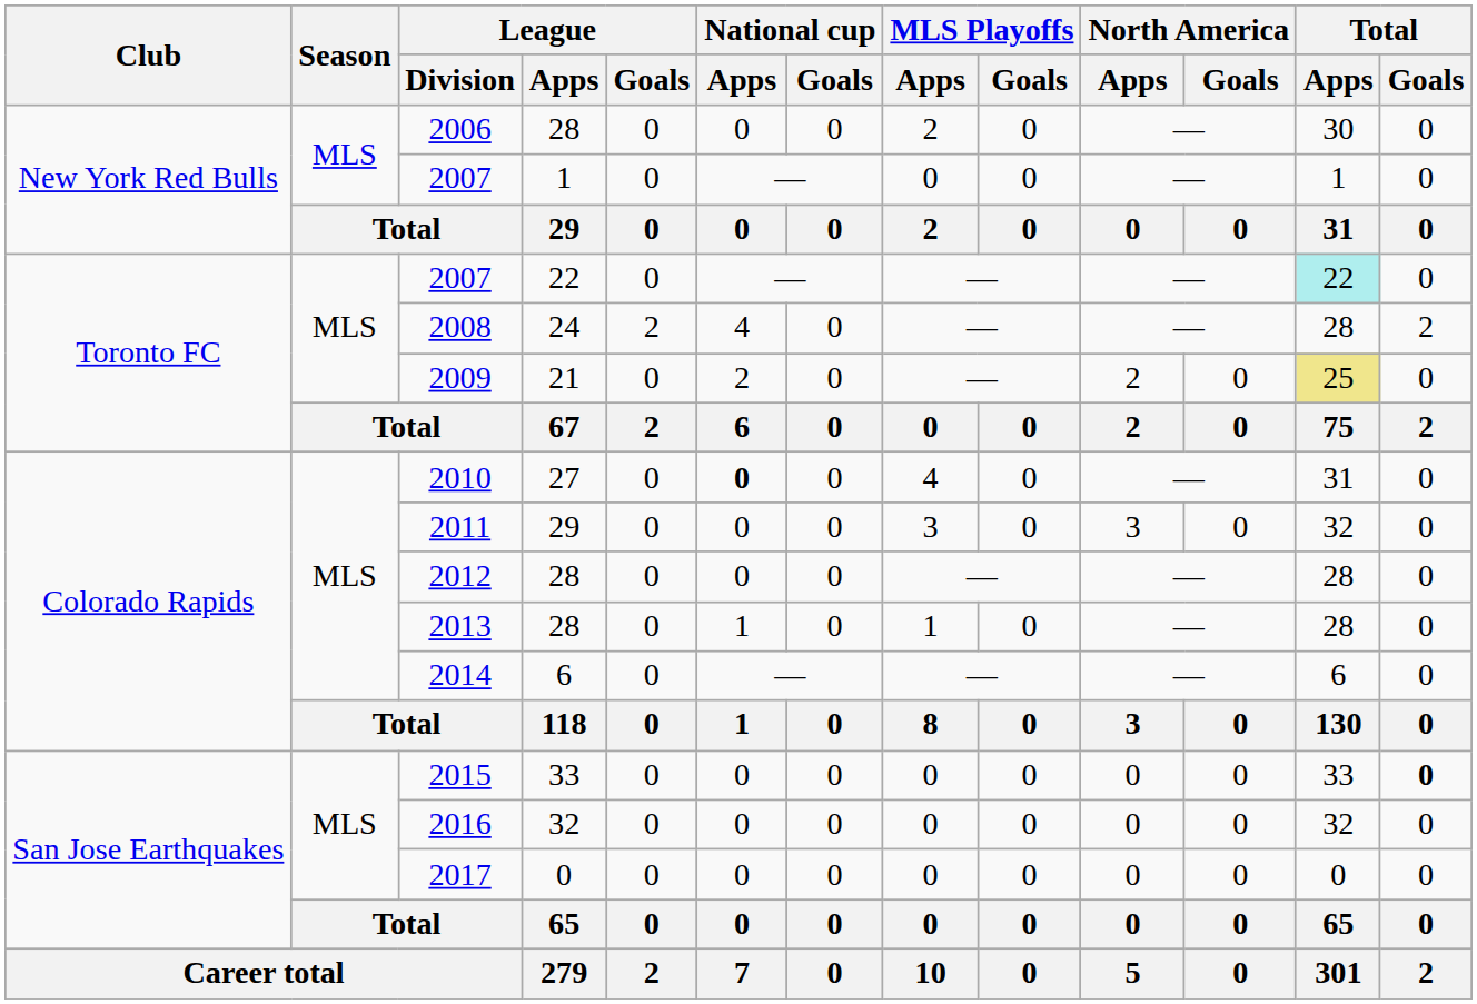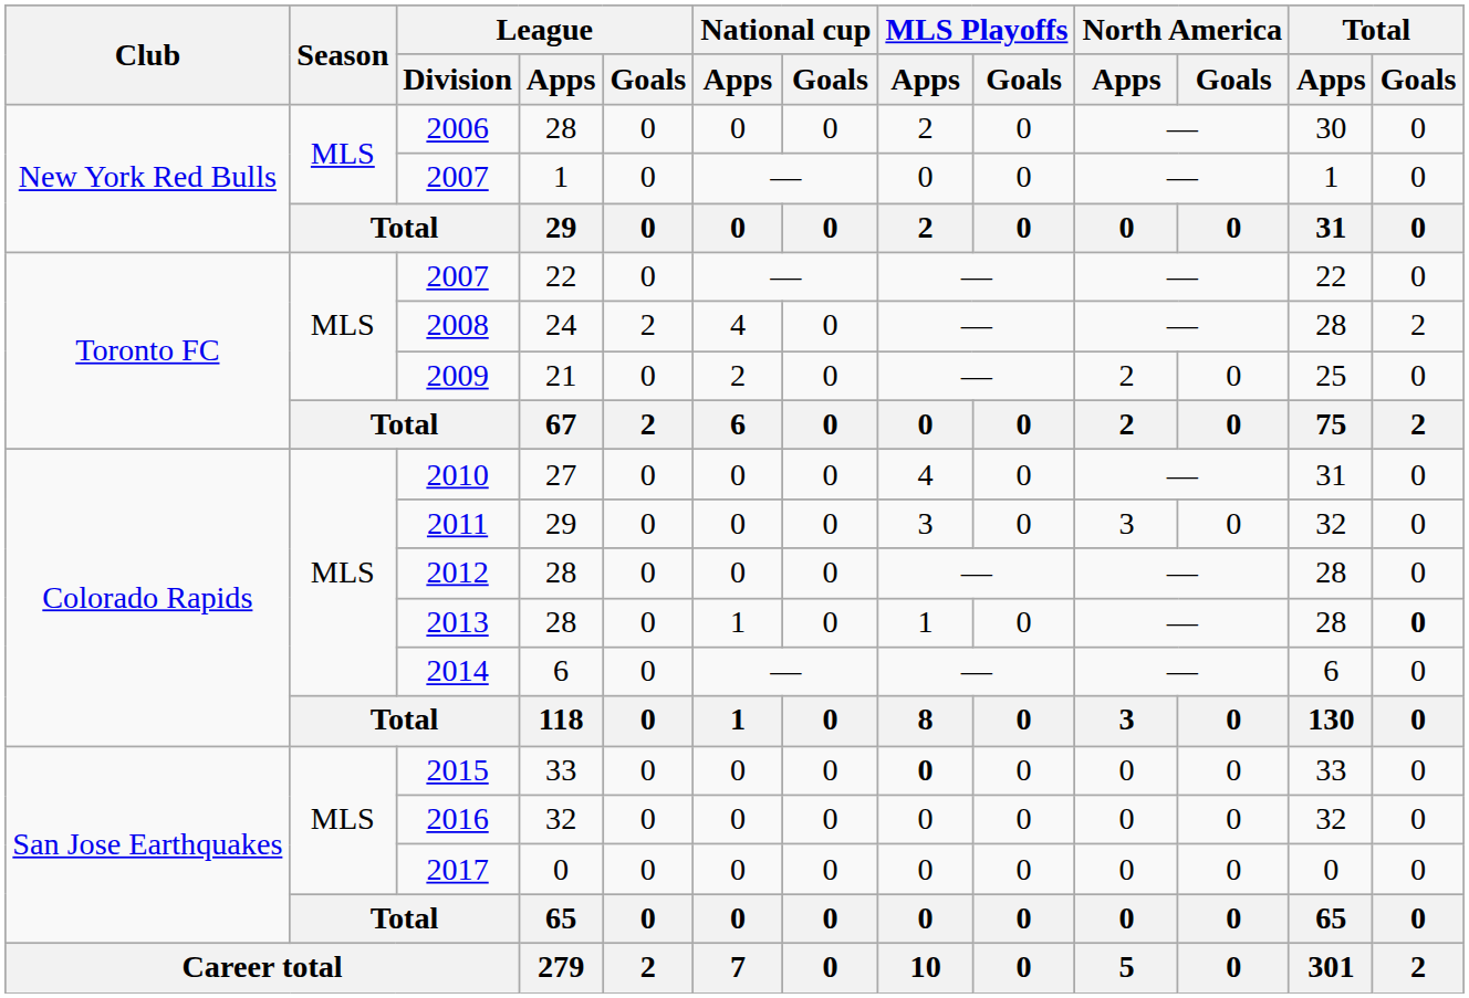 <table class="wikitable" style="text-align:center">
 <tr>
 <th rowspan="2">Club</th>
 <th rowspan="2">Season</th>
 <th colspan="3">League</th>
 <th colspan="2">National cup</th>
 <th colspan="2"><a href='#'>MLS Playoffs</a></th>
 <th colspan="2">North America</th>
 <th colspan="2">Total</th>
 </tr>
 <tr>
 <th>Division</th>
 <th>Apps</th>
 <th>Goals</th>
 <th>Apps</th>
 <th>Goals</th>
 <th>Apps</th>
 <th>Goals</th>
 <th>Apps</th>
 <th>Goals</th>
 <th>Apps</th>
 <th>Goals</th>
 </tr>
 <tr>
 <td rowspan="3"><a href='#'>New York Red Bulls</a></td>
 <td rowspan="2"><a href='#'>MLS</a></td>
 <td><a href='#'>2006</a></td>
 <td>28</td>
 <td>0</td>
 <td>0</td>
 <td>0</td>
 <td>2</td>
 <td>0</td>
 <td colspan="2">—</td>
 <td>30</td>
 <td>0</td>
 </tr>
 <tr>
 <td><a href='#'>2007</a></td>
 <td>1</td>
 <td>0</td>
 <td colspan="2">—</td>
 <td>0</td>
 <td>0</td>
 <td colspan="2">—</td>
 <td>1</td>
 <td>0</td>
 </tr>
 <tr>
 <th colspan="2">Total</th>
 <th>29</th>
 <th>0</th>
 <th>0</th>
 <th>0</th>
 <th>2</th>
 <th>0</th>
 <th>0</th>
 <th>0</th>
 <th>31</th>
 <th>0</th>
 </tr>
 <tr>
 <td rowspan="4"><a href='#'>Toronto FC</a></td>
 <td rowspan="3">MLS</td>
 <td><a href='#'>2007</a></td>
 <td>22</td>
 <td>0</td>
 <td colspan="2">—</td>
 <td colspan="2">—</td>
 <td colspan="2">—</td>
-<td style="background: paleturquoise;">22</td>
+<td>22</td>
 <td>0</td>
 </tr>
 <tr>
 <td><a href='#'>2008</a></td>
 <td>24</td>
 <td>2</td>
 <td>4</td>
 <td>0</td>
 <td colspan="2">—</td>
 <td colspan="2">—</td>
 <td>28</td>
 <td>2</td>
 </tr>
 <tr>
 <td><a href='#'>2009</a></td>
 <td>21</td>
 <td>0</td>
 <td>2</td>
 <td>0</td>
 <td colspan="2">—</td>
 <td>2</td>
 <td>0</td>
-<td style="background: khaki;">25</td>
+<td>25</td>
 <td>0</td>
 </tr>
 <tr>
 <th colspan="2">Total</th>
 <th>67</th>
 <th>2</th>
 <th>6</th>
 <th>0</th>
 <th>0</th>
 <th>0</th>
 <th>2</th>
 <th>0</th>
 <th>75</th>
 <th>2</th>
 </tr>
 <tr>
 <td rowspan="6"><a href='#'>Colorado Rapids</a></td>
 <td rowspan="5">MLS</td>
 <td><a href='#'>2010</a></td>
 <td>27</td>
 <td>0</td>
-<td><strong>0</strong></td>
+<td>0</td>
 <td>0</td>
 <td>4</td>
 <td>0</td>
 <td colspan="2">—</td>
 <td>31</td>
 <td>0</td>
 </tr>
 <tr>
 <td><a href='#'>2011</a></td>
 <td>29</td>
 <td>0</td>
 <td>0</td>
 <td>0</td>
 <td>3</td>
 <td>0</td>
 <td>3</td>
 <td>0</td>
 <td>32</td>
 <td>0</td>
 </tr>
 <tr>
 <td><a href='#'>2012</a></td>
 <td>28</td>
 <td>0</td>
 <td>0</td>
 <td>0</td>
 <td colspan="2">—</td>
 <td colspan="2">—</td>
 <td>28</td>
 <td>0</td>
 </tr>
 <tr>
 <td><a href='#'>2013</a></td>
 <td>28</td>
 <td>0</td>
 <td>1</td>
 <td>0</td>
 <td>1</td>
 <td>0</td>
 <td colspan="2">—</td>
 <td>28</td>
-<td>0</td>
+<td><strong>0</strong></td>
 </tr>
 <tr>
 <td><a href='#'>2014</a></td>
 <td>6</td>
 <td>0</td>
 <td colspan="2">—</td>
 <td colspan="2">—</td>
 <td colspan="2">—</td>
 <td>6</td>
 <td>0</td>
 </tr>
 <tr>
 <th colspan="2">Total</th>
 <th>118</th>
 <th>0</th>
 <th>1</th>
 <th>0</th>
 <th>8</th>
 <th>0</th>
 <th>3</th>
 <th>0</th>
 <th>130</th>
 <th>0</th>
 </tr>
 <tr>
 <td rowspan="4"><a href='#'>San Jose Earthquakes</a></td>
 <td rowspan="3">MLS</td>
 <td><a href='#'>2015</a></td>
 <td>33</td>
 <td>0</td>
 <td>0</td>
 <td>0</td>
-<td>0</td>
+<td><strong>0</strong></td>
 <td>0</td>
 <td>0</td>
 <td>0</td>
 <td>33</td>
-<td><strong>0</strong></td>
+<td>0</td>
 </tr>
 <tr>
 <td><a href='#'>2016</a></td>
 <td>32</td>
 <td>0</td>
 <td>0</td>
 <td>0</td>
 <td>0</td>
 <td>0</td>
 <td>0</td>
 <td>0</td>
 <td>32</td>
 <td>0</td>
 </tr>
 <tr>
 <td><a href='#'>2017</a></td>
 <td>0</td>
 <td>0</td>
 <td>0</td>
 <td>0</td>
 <td>0</td>
 <td>0</td>
 <td>0</td>
 <td>0</td>
 <td>0</td>
 <td>0</td>
 </tr>
 <tr>
 <th colspan="2">Total</th>
 <th>65</th>
 <th>0</th>
 <th>0</th>
 <th>0</th>
 <th>0</th>
 <th>0</th>
 <th>0</th>
 <th>0</th>
 <th>65</th>
 <th>0</th>
 </tr>
 <tr>
 <th colspan="3">Career total</th>
 <th>279</th>
 <th>2</th>
 <th>7</th>
 <th>0</th>
 <th>10</th>
 <th>0</th>
 <th>5</th>
 <th>0</th>
 <th>301</th>
 <th>2</th>
 </tr>
 </table>
